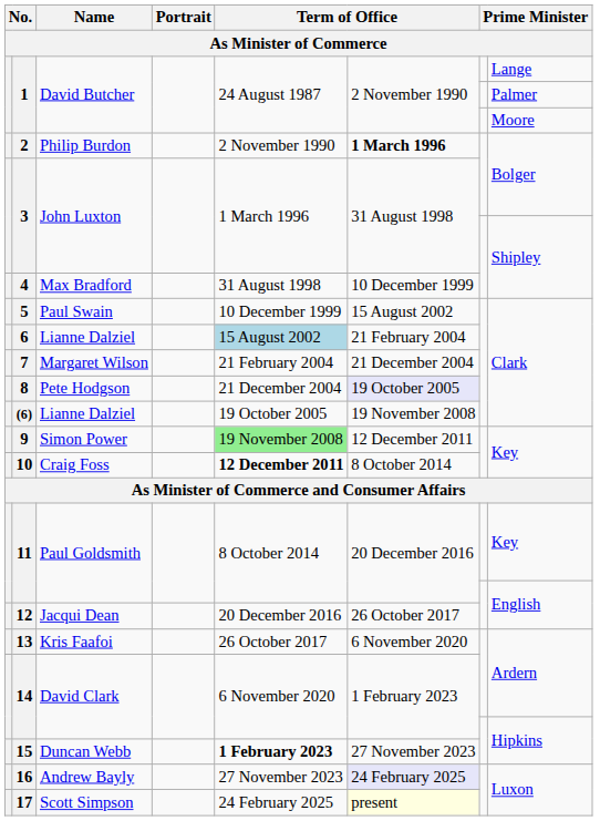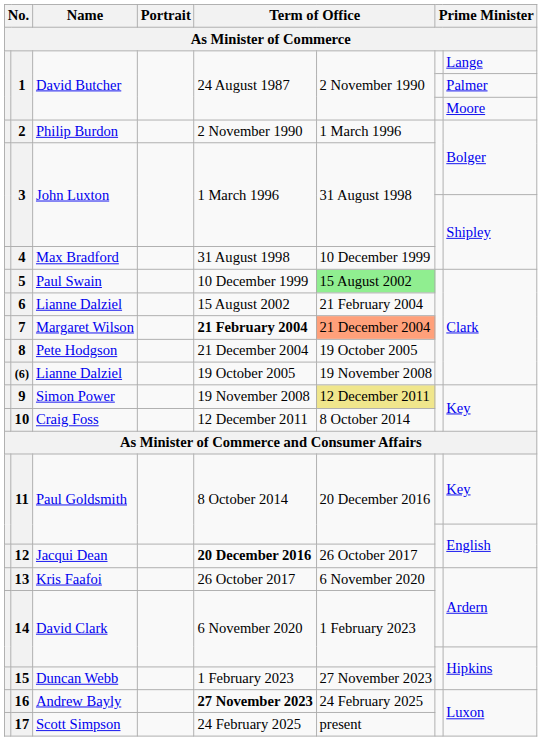 <table class="wikitable">
 <tr>
 <th colspan="2">No.</th>
 <th>Name</th>
 <th>Portrait</th>
 <th colspan="2">Term of Office</th>
 <th colspan="2">Prime Minister</th>
 </tr>
 <tr>
 <th colspan="8">As Minister of Commerce</th>
 </tr>
 <tr>
 <th rowspan=3 style="color:inherit;background:"></th>
 <th rowspan=3>1</th>
 <td rowspan=3><a href='#'>David Butcher</a></td>
 <td rowspan=3></td>
 <td rowspan=3>24 August 1987</td>
 <td rowspan=3>2 November 1990</td>
 <td width=1 style="color:inherit;background:"></td>
 <td><a href='#'>Lange</a></td>
 </tr>
 <tr>
 <td style="color:inherit;background:"></td>
 <td><a href='#'>Palmer</a></td>
 </tr>
 <tr>
 <td style="color:inherit;background:"></td>
 <td><a href='#'>Moore</a></td>
 </tr>
 <tr>
 <th style="color:inherit;background:"></th>
 <th>2</th>
 <td><a href='#'>Philip Burdon</a></td>
 <td></td>
 <td>2 November 1990</td>
-<td><strong>1 March 1996</strong></td>
+<td>1 March 1996</td>
 <td rowspan=2 height=15 style="border-top:solid 0 gray; background:"></td>
 <td rowspan=2><a href='#'>Bolger</a></td>
 </tr>
 <tr>
 <th height=50 style="border-bottom:solid 0 grey; background:"></th>
 <th rowspan=2>3</th>
 <td rowspan=2><a href='#'>John Luxton</a></td>
 <td rowspan=2></td>
 <td rowspan=2>1 March 1996</td>
 <td rowspan=2>31 August 1998</td>
 </tr>
 <tr>
 <th height=50 style="border-top:solid 0 grey; background:"></th>
 <td rowspan=2 style="color:inherit;background:"></td>
 <td rowspan=2><a href='#'>Shipley</a></td>
 </tr>
 <tr>
 <th style="color:inherit;background:"></th>
 <th>4</th>
 <td><a href='#'>Max Bradford</a></td>
 <td></td>
 <td>31 August 1998</td>
 <td>10 December 1999</td>
 </tr>
 <tr>
 <th style="color:inherit;background:"></th>
 <th>5</th>
 <td><a href='#'>Paul Swain</a></td>
 <td></td>
 <td>10 December 1999</td>
-<td>15 August 2002</td>
+<td style="background: lightgreen;">15 August 2002</td>
 <td rowspan=5 style="color:inherit;background:"></td>
 <td rowspan=5><a href='#'>Clark</a></td>
 </tr>
 <tr>
 <th style="color:inherit;background:"></th>
 <th>6</th>
 <td><a href='#'>Lianne Dalziel</a></td>
 <td></td>
-<td style="background: lightblue;">15 August 2002</td>
+<td>15 August 2002</td>
 <td>21 February 2004</td>
 </tr>
 <tr>
 <th style="color:inherit;background:"></th>
 <th>7</th>
 <td><a href='#'>Margaret Wilson</a></td>
 <td></td>
-<td>21 February 2004</td>
-<td>21 December 2004</td>
+<td><strong>21 February 2004</strong></td>
+<td style="background: lightsalmon;">21 December 2004</td>
 </tr>
 <tr>
 <th style="color:inherit;background:"></th>
 <th>8</th>
 <td><a href='#'>Pete Hodgson</a></td>
 <td></td>
 <td>21 December 2004</td>
-<td style="background: lavender;">19 October 2005</td>
+<td>19 October 2005</td>
 </tr>
 <tr>
 <th style="color:inherit;background:"></th>
 <th><small>(6)</small></th>
 <td><a href='#'>Lianne Dalziel</a></td>
 <td></td>
 <td>19 October 2005</td>
 <td>19 November 2008</td>
 </tr>
 <tr>
 <th style="color:inherit;background:"></th>
 <th>9</th>
 <td><a href='#'>Simon Power</a></td>
 <td></td>
-<td style="background: lightgreen;">19 November 2008</td>
-<td>12 December 2011</td>
+<td>19 November 2008</td>
+<td style="background: khaki;">12 December 2011</td>
 <td rowspan=2 height=15 style="border-top:solid 0 gray; background:"></td>
 <td rowspan=2><a href='#'>Key</a></td>
 </tr>
 <tr>
 <th style="color:inherit;background:"></th>
 <th>10</th>
 <td><a href='#'>Craig Foss</a></td>
 <td></td>
-<td><strong>12 December 2011</strong></td>
+<td>12 December 2011</td>
 <td>8 October 2014</td>
 </tr>
 <tr>
 <th colspan="8">As Minister of Commerce and Consumer Affairs</th>
 </tr>
 <tr>
 <th height=70 style="border-bottom:solid 0 grey; background:"></th>
 <th rowspan=2>11</th>
 <td rowspan=2><a href='#'>Paul Goldsmith</a></td>
 <td rowspan=2></td>
 <td rowspan=2>8 October 2014</td>
 <td rowspan=2>20 December 2016</td>
 <td height=55 style="border-top:solid 0 gray; background:"></td>
 <td><a href='#'>Key</a></td>
 </tr>
 <tr>
 <th height=15 style="border-top:solid 0 grey; background:"></th>
 <td rowspan=2 style="color:inherit;background:"></td>
 <td rowspan=2><a href='#'>English</a></td>
 </tr>
 <tr>
 <th style="color:inherit;background:"></th>
 <th>12</th>
 <td><a href='#'>Jacqui Dean</a></td>
 <td></td>
-<td>20 December 2016</td>
+<td><strong>20 December 2016</strong></td>
 <td>26 October 2017</td>
 </tr>
 <tr>
 <th style="color:inherit;background:"></th>
 <th>13</th>
 <td><a href='#'>Kris Faafoi</a></td>
 <td></td>
 <td>26 October 2017</td>
 <td>6 November 2020</td>
 <td rowspan=2 height=15 style="border-top:solid 0 gray; background:"></td>
 <td rowspan=2><a href='#'>Ardern</a></td>
 </tr>
 <tr>
 <th height=55 style="border-bottom:solid 0 grey; background:"></th>
 <th rowspan=2>14</th>
 <td rowspan=2><a href='#'>David Clark</a></td>
 <td rowspan=2></td>
 <td rowspan=2>6 November 2020</td>
 <td rowspan=2>1 February 2023</td>
 </tr>
 <tr>
 <th height=15 style="border-top:solid 0 grey; background:"></th>
 <td rowspan=2 style="color:inherit;background:"></td>
 <td rowspan=2><a href='#'>Hipkins</a></td>
 </tr>
 <tr>
 <th style="color:inherit;background:"></th>
 <th>15</th>
 <td><a href='#'>Duncan Webb</a></td>
 <td></td>
-<td><strong>1 February 2023</strong></td>
+<td>1 February 2023</td>
 <td>27 November 2023</td>
 </tr>
 <tr>
 <th style="color:inherit;background:"></th>
 <th>16</th>
 <td><a href='#'>Andrew Bayly</a></td>
 <td></td>
-<td>27 November 2023</td>
-<td style="background: lavender;">24 February 2025</td>
+<td><strong>27 November 2023</strong></td>
+<td>24 February 2025</td>
 <td rowspan=2 style="color:inherit;background:"></td>
 <td rowspan=2><a href='#'>Luxon</a></td>
 </tr>
 <tr>
 <th style="color:inherit;background:"></th>
 <th>17</th>
 <td><a href='#'>Scott Simpson</a></td>
 <td></td>
 <td>24 February 2025</td>
-<td style="background: lightyellow;">present</td>
+<td>present</td>
 </tr>
 </table>
